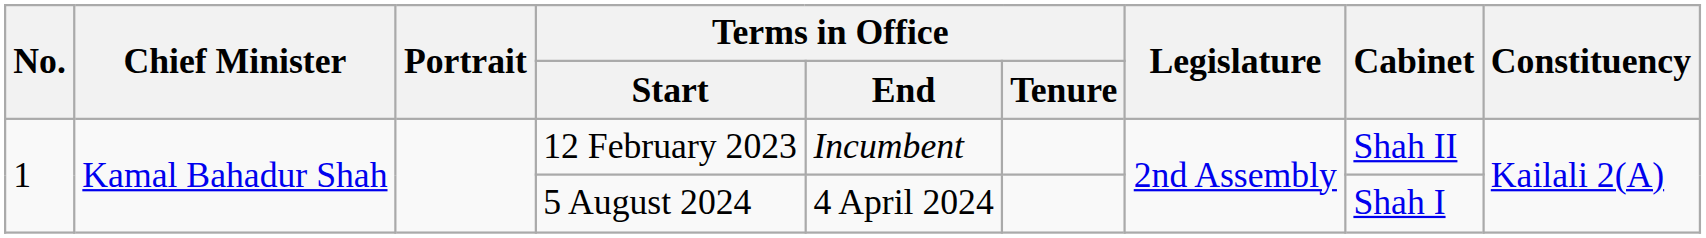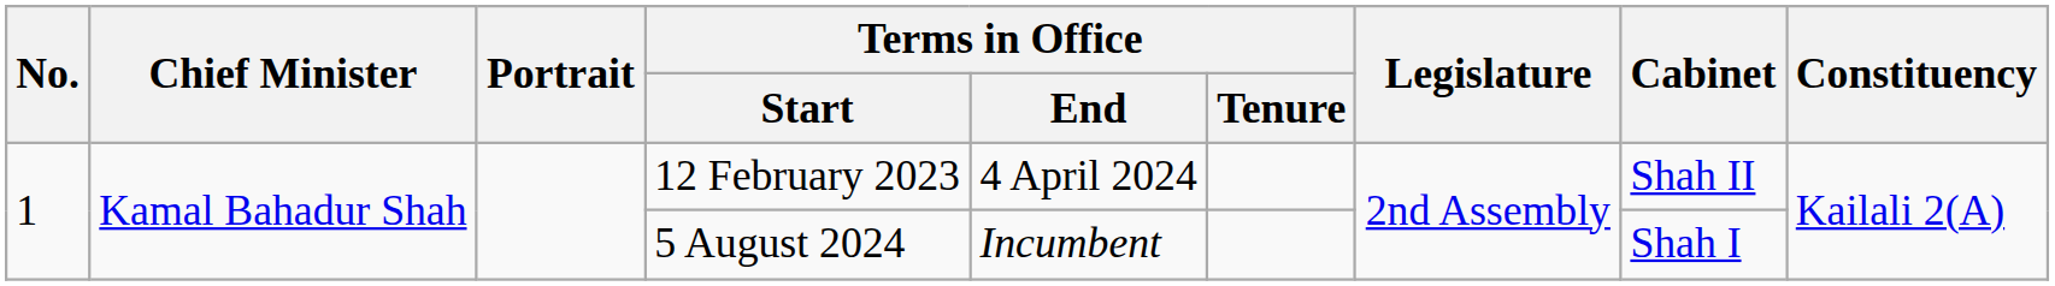 <table class="wikitable">
 <tr>
 <th rowspan="2" style="background-color:">No.</th>
 <th rowspan="2" style="background-color:">Chief Minister</th>
 <th rowspan="2" style="background-color:">Portrait</th>
 <th colspan="3" style="background-color:">Terms in Office</th>
 <th rowspan="2" style="background-color:">Legislature</th>
 <th rowspan="2" style="background-color:">Cabinet</th>
 <th rowspan="2" style="background-color:">Constituency</th>
 </tr>
 <tr>
 <th style="background-color:">Start</th>
 <th style="background-color:">End</th>
 <th style="background-color:">Tenure</th>
 </tr>
 <tr>
 <td rowspan="2">1</td>
 <td rowspan="2"><a href='#'>Kamal Bahadur Shah</a></td>
 <td rowspan="2"></td>
 <td>12 February 2023</td>
-<td><em>Incumbent</em></td>
+<td>4 April 2024</td>
 <td></td>
 <td rowspan="2"><a href='#'>2nd Assembly</a></td>
 <td><a href='#'>Shah II</a></td>
 <td rowspan="2"><a href='#'>Kailali 2(A)</a></td>
 </tr>
 <tr>
 <td>5 August 2024</td>
-<td>4 April 2024</td>
+<td><em>Incumbent</em></td>
 <td></td>
 <td><a href='#'>Shah I</a></td>
 </tr>
 </table>
